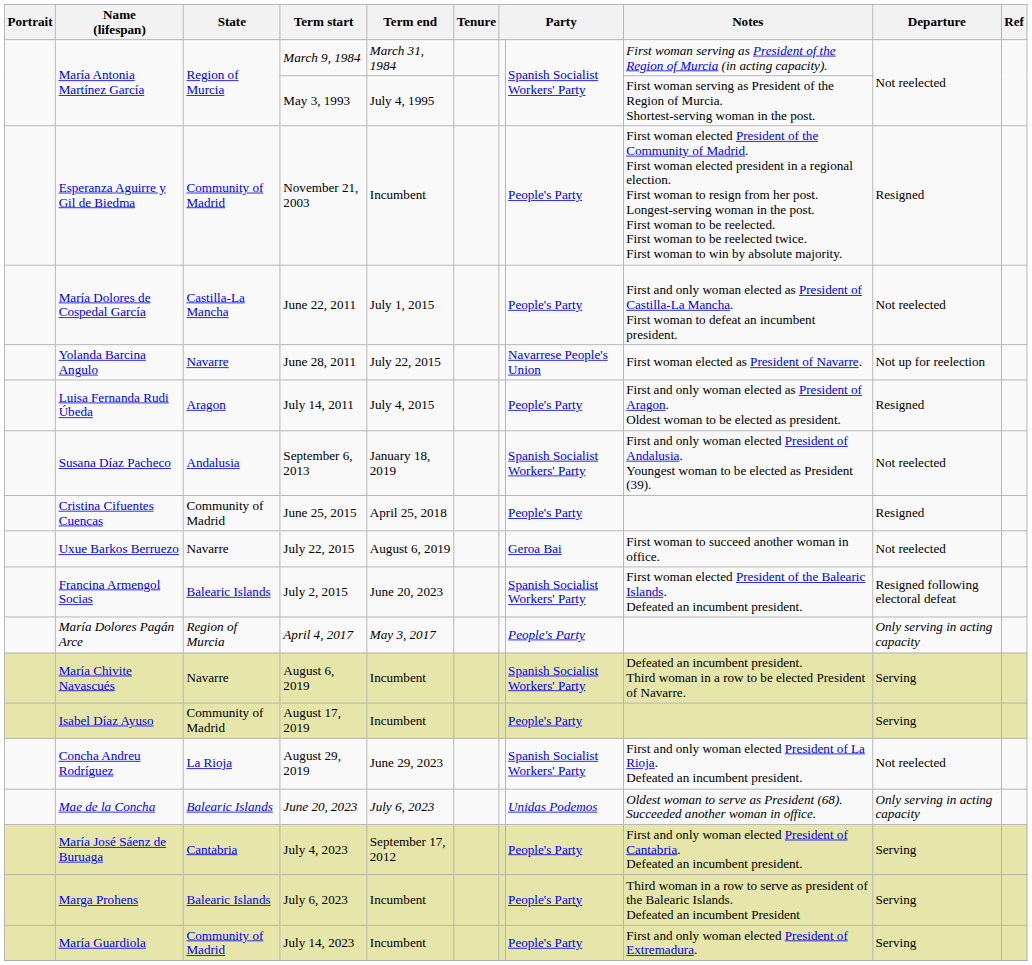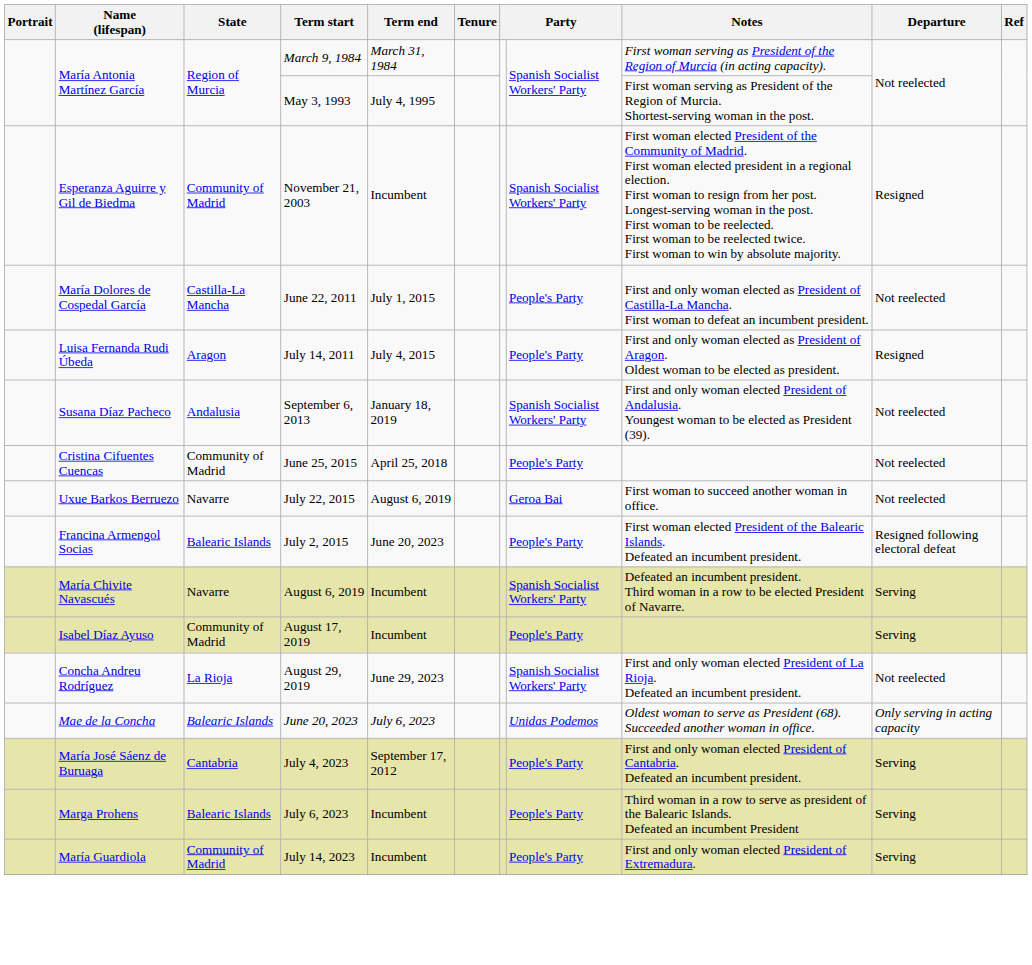 <table class="wikitable sortable">
 <tr>
 <th>Portrait</th>
 <th>Name<br>(lifespan)</th>
 <th>State</th>
 <th>Term start</th>
 <th>Term end</th>
 <th>Tenure</th>
 <th colspan="2">Party</th>
 <th>Notes</th>
 <th>Departure</th>
 <th>Ref</th>
 </tr>
 <tr>
 <td rowspan="2"></td>
 <td rowspan="2"><a href='#'>María Antonia Martínez García</a><br></td>
 <td rowspan="2"> <a href='#'>Region of Murcia</a></td>
 <td><em>March 9, 1984</em></td>
 <td><em>March 31, 1984</em></td>
 <td><em></em></td>
 <td rowspan="2" style="background:"></td>
 <td rowspan="2"><a href='#'>Spanish Socialist Workers' Party</a></td>
 <td><em>First woman serving as <a href='#'>President of the Region of Murcia</a> (in acting capacity).</em></td>
 <td rowspan="2">Not reelected</td>
 <td rowspan="2"></td>
 </tr>
 <tr>
 <td>May 3, 1993</td>
 <td>July 4, 1995</td>
 <td></td>
 <td>First woman serving as President of the Region of Murcia.<br>Shortest-serving woman in the post.</td>
 </tr>
 <tr>
 <td></td>
 <td><a href='#'>Esperanza Aguirre y Gil de Biedma</a><br></td>
 <td> <a href='#'>Community of Madrid</a></td>
 <td>November 21, 2003</td>
 <td>Incumbent</td>
 <td></td>
 <td style="background:"></td>
-<td><a href='#'>People's Party</a></td>
+<td><a href='#'>Spanish Socialist Workers' Party</a></td>
 <td>First woman elected <a href='#'>President of the Community of Madrid</a>.<br>First woman elected president in a regional election.<br>First woman to resign from her post.<br>Longest-serving woman in the post.<br>First woman to be reelected.<br>First woman to be reelected twice.<br>First woman to win by absolute majority.</td>
 <td>Resigned</td>
 <td></td>
 </tr>
 <tr>
 <td></td>
 <td><a href='#'>María Dolores de Cospedal García</a><br></td>
 <td> <a href='#'>Castilla-La Mancha</a></td>
 <td>June 22, 2011</td>
 <td>July 1, 2015</td>
 <td></td>
 <td style="background:"></td>
 <td><a href='#'>People's Party</a></td>
 <td><br>First and only woman elected as <a href='#'>President of Castilla-La Mancha</a>.<br>First woman to defeat an incumbent president.</td>
 <td>Not reelected</td>
-<td></td>
-</tr>
-<tr>
-<td></td>
-<td><a href='#'>Yolanda Barcina Angulo</a><br></td>
-<td> <a href='#'>Navarre</a></td>
-<td>June 28, 2011</td>
-<td>July 22, 2015</td>
-<td></td>
-<td style="background:"></td>
-<td><a href='#'>Navarrese People's Union</a></td>
-<td>First woman elected as <a href='#'>President of Navarre</a>.</td>
-<td>Not up for reelection</td>
 <td></td>
 </tr>
 <tr>
 <td></td>
 <td><a href='#'>Luisa Fernanda Rudi Úbeda</a><br></td>
 <td> <a href='#'>Aragon</a></td>
 <td>July 14, 2011</td>
 <td>July 4, 2015</td>
 <td></td>
 <td style="background:"></td>
 <td><a href='#'>People's Party</a></td>
 <td>First and only woman elected as <a href='#'>President of Aragon</a>.<br>Oldest woman to be elected as president.</td>
 <td>Resigned</td>
 <td></td>
 </tr>
 <tr>
 <td></td>
 <td><a href='#'>Susana Díaz Pacheco</a><br></td>
 <td> <a href='#'>Andalusia</a></td>
 <td>September 6, 2013</td>
 <td>January 18, 2019</td>
 <td></td>
 <td style="background:"></td>
 <td><a href='#'>Spanish Socialist Workers' Party</a></td>
 <td>First and only woman elected <a href='#'>President of Andalusia</a>.<br>Youngest woman to be elected as President (39).</td>
 <td>Not reelected</td>
 <td></td>
 </tr>
 <tr>
 <td></td>
 <td><a href='#'>Cristina Cifuentes Cuencas</a><br></td>
 <td> Community of Madrid</td>
 <td>June 25, 2015</td>
 <td>April 25, 2018</td>
 <td></td>
 <td style="background:"></td>
 <td><a href='#'>People's Party</a></td>
 <td></td>
-<td>Resigned</td>
+<td>Not reelected</td>
 <td></td>
 </tr>
 <tr>
 <td></td>
 <td><a href='#'>Uxue Barkos Berruezo</a><br></td>
 <td> Navarre</td>
 <td>July 22, 2015</td>
 <td>August 6, 2019</td>
 <td></td>
 <td style="background:"></td>
 <td><a href='#'>Geroa Bai</a></td>
 <td>First woman to succeed another woman in office.</td>
 <td>Not reelected</td>
 <td></td>
 </tr>
 <tr>
 <td></td>
 <td><a href='#'>Francina Armengol Socias</a><br></td>
 <td> <a href='#'>Balearic Islands</a></td>
 <td>July 2, 2015</td>
 <td>June 20, 2023</td>
 <td></td>
 <td style="background:"></td>
-<td><a href='#'>Spanish Socialist Workers' Party</a></td>
+<td><a href='#'>People's Party</a></td>
 <td>First woman elected <a href='#'>President of the Balearic Islands</a>.<br>Defeated an incumbent president.</td>
 <td>Resigned following electoral defeat</td>
-<td></td>
-</tr>
-<tr>
-<td></td>
-<td><em>María Dolores Pagán Arce<br></em></td>
-<td><em> Region of Murcia</em></td>
-<td><em>April 4, 2017</em></td>
-<td><em>May 3, 2017</em></td>
-<td><em></em></td>
-<td style="background:"></td>
-<td><a href='#'><em>People's Party</em></a></td>
-<td></td>
-<td><em>Only serving in acting capacity</em></td>
 <td></td>
 </tr>
 <tr bgcolor="#E6E6AA">
 <td></td>
 <td><a href='#'>María Chivite Navascués</a><br></td>
 <td> Navarre</td>
 <td>August 6, 2019</td>
 <td>Incumbent</td>
 <td></td>
 <td style="background:"></td>
 <td><a href='#'>Spanish Socialist Workers' Party</a></td>
 <td>Defeated an incumbent president.<br>Third woman in a row to be elected President of Navarre.</td>
 <td>Serving</td>
 <td></td>
 </tr>
 <tr bgcolor="#E6E6AA">
 <td></td>
 <td><a href='#'>Isabel Díaz Ayuso</a><br></td>
 <td> Community of Madrid</td>
 <td>August 17, 2019</td>
 <td>Incumbent</td>
 <td></td>
 <td style="background:"></td>
 <td><a href='#'>People's Party</a></td>
 <td></td>
 <td>Serving</td>
 <td></td>
 </tr>
 <tr>
 <td></td>
 <td><a href='#'>Concha Andreu Rodríguez</a><br></td>
 <td> <a href='#'>La Rioja</a></td>
 <td>August 29, 2019</td>
 <td>June 29, 2023</td>
 <td></td>
 <td style="background:"></td>
 <td><a href='#'>Spanish Socialist Workers' Party</a></td>
 <td>First and only woman elected <a href='#'>President of La Rioja</a>.<br>Defeated an incumbent president.</td>
 <td>Not reelected</td>
 <td></td>
 </tr>
 <tr>
 <td></td>
 <td><em><a href='#'>Mae de la Concha</a><br></em></td>
 <td><em> <a href='#'>Balearic Islands</a></em></td>
 <td><em>June 20, 2023</em></td>
 <td><em>July 6, 2023</em></td>
 <td><em></em></td>
 <td style="background:"></td>
 <td><em><a href='#'>Unidas Podemos</a></em></td>
 <td><em>Oldest woman to serve as President (68).</em><br><em>Succeeded another woman in office.</em></td>
 <td><em>Only serving in acting capacity</em></td>
 <td></td>
 </tr>
 <tr bgcolor="#E6E6AA">
 <td></td>
 <td><a href='#'>María José Sáenz de Buruaga</a><br></td>
 <td> <a href='#'>Cantabria</a></td>
 <td>July 4, 2023</td>
 <td>September 17, 2012</td>
 <td></td>
 <td style="background:"></td>
 <td><a href='#'>People's Party</a></td>
 <td>First and only woman elected <a href='#'>President of Cantabria</a>.<br>Defeated an incumbent president.</td>
 <td>Serving</td>
 <td></td>
 </tr>
 <tr bgcolor="#E6E6AA">
 <td></td>
 <td><a href='#'>Marga Prohens</a><br></td>
 <td> <a href='#'>Balearic Islands</a></td>
 <td>July 6, 2023</td>
 <td>Incumbent</td>
 <td></td>
 <td style="background:"></td>
 <td><a href='#'>People's Party</a></td>
 <td>Third woman in a row to serve as president of the Balearic Islands.<br>Defeated an incumbent President</td>
 <td>Serving</td>
 <td></td>
 </tr>
 <tr bgcolor="#E6E6AA">
 <td></td>
 <td><a href='#'>María Guardiola</a><br></td>
 <td> <a href='#'>Community of Madrid</a></td>
 <td>July 14, 2023</td>
 <td>Incumbent</td>
 <td></td>
 <td style="background:"></td>
 <td><a href='#'>People's Party</a></td>
 <td>First and only woman elected <a href='#'>President of Extremadura</a>.</td>
 <td>Serving</td>
 <td></td>
 </tr>
 <tr>
 </tr>
 </table>
